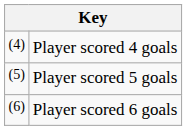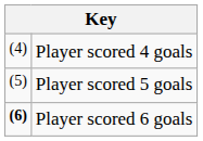 <table class="wikitable">
 <tr>
 <th colspan="2">Key</th>
 </tr>
 <tr>
 <td><sup>(4)</sup></td>
 <td>Player scored 4 goals</td>
 </tr>
 <tr>
 <td><sup>(5)</sup></td>
 <td>Player scored 5 goals</td>
 </tr>
 <tr>
-<td><sup>(6)</sup></td>
+<td><strong><sup>(6)</sup></strong></td>
 <td>Player scored 6 goals</td>
 </tr>
 </table>
